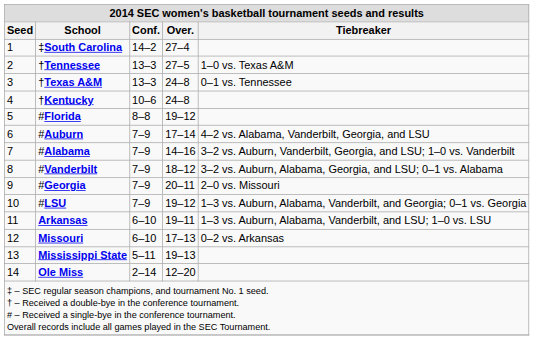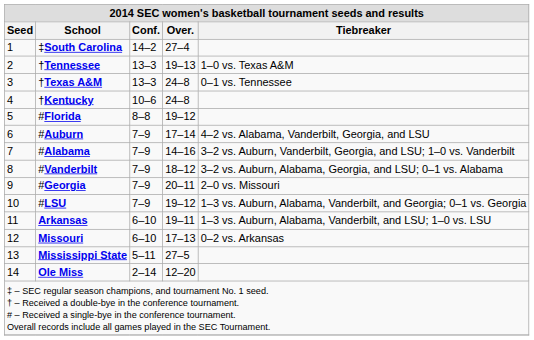 <table class="wikitable" style="white-space:nowrap; font-size:90%;">
 <tr>
 <td colspan="10" style="text-align:center; background:#DDDDDD; font:#000000"><strong>2014 SEC women's basketball tournament seeds and results</strong></td>
 </tr>
 <tr bgcolor="#efefef">
 <th>Seed</th>
 <th>School</th>
 <th>Conf.</th>
 <th>Over.</th>
 <th>Tiebreaker</th>
 </tr>
 <tr>
 <td>1</td>
 <td>‡<strong><a href='#'>South Carolina</a></strong></td>
 <td>14–2</td>
 <td>27–4</td>
 <td></td>
 </tr>
 <tr>
 <td>2</td>
 <td>†<strong><a href='#'>Tennessee</a></strong></td>
 <td>13–3</td>
-<td>27–5</td>
+<td>19–13</td>
 <td>1–0 vs. Texas A&M</td>
 </tr>
 <tr>
 <td>3</td>
 <td>†<strong><a href='#'>Texas A&M</a></strong></td>
 <td>13–3</td>
 <td>24–8</td>
 <td>0–1 vs. Tennessee</td>
 </tr>
 <tr>
 <td>4</td>
 <td>†<strong><a href='#'>Kentucky</a></strong></td>
 <td>10–6</td>
 <td>24–8</td>
 <td></td>
 </tr>
 <tr>
 <td>5</td>
 <td>#<strong><a href='#'>Florida</a></strong></td>
 <td>8–8</td>
 <td>19–12</td>
 <td></td>
 </tr>
 <tr>
 <td>6</td>
 <td>#<strong><a href='#'>Auburn</a></strong></td>
 <td>7–9</td>
 <td>17–14</td>
 <td>4–2 vs. Alabama, Vanderbilt, Georgia, and LSU</td>
 </tr>
 <tr>
 <td>7</td>
 <td>#<strong><a href='#'>Alabama</a></strong></td>
 <td>7–9</td>
 <td>14–16</td>
 <td>3–2 vs. Auburn, Vanderbilt, Georgia, and LSU; 1–0 vs. Vanderbilt</td>
 </tr>
 <tr>
 <td>8</td>
 <td>#<strong><a href='#'>Vanderbilt</a></strong></td>
 <td>7–9</td>
 <td>18–12</td>
 <td>3–2 vs. Auburn, Alabama, Georgia, and LSU; 0–1 vs. Alabama</td>
 </tr>
 <tr>
 <td>9</td>
 <td>#<strong><a href='#'>Georgia</a></strong></td>
 <td>7–9</td>
 <td>20–11</td>
 <td>2–0 vs. Missouri</td>
 </tr>
 <tr>
 <td>10</td>
 <td>#<strong><a href='#'>LSU</a></strong></td>
 <td>7–9</td>
 <td>19–12</td>
 <td>1–3 vs. Auburn, Alabama, Vanderbilt, and Georgia; 0–1 vs. Georgia</td>
 </tr>
 <tr>
 <td>11</td>
 <td><strong><a href='#'>Arkansas</a></strong></td>
 <td>6–10</td>
 <td>19–11</td>
 <td>1–3 vs. Auburn, Alabama, Vanderbilt, and LSU; 1–0 vs. LSU</td>
 </tr>
 <tr>
 <td>12</td>
 <td><strong><a href='#'>Missouri</a></strong></td>
 <td>6–10</td>
 <td>17–13</td>
 <td>0–2 vs. Arkansas</td>
 </tr>
 <tr>
 <td>13</td>
 <td><strong><a href='#'>Mississippi State</a></strong></td>
 <td>5–11</td>
-<td>19–13</td>
+<td>27–5</td>
 <td></td>
 </tr>
 <tr>
 <td>14</td>
 <td><strong><a href='#'>Ole Miss</a></strong></td>
 <td>2–14</td>
 <td>12–20</td>
 <td></td>
 </tr>
 <tr>
 <td colspan="10" style="text-align:left;"><small>‡ – SEC regular season champions, and tournament No. 1 seed.<br>† – Received a double-bye in the conference tournament.<br># – Received a single-bye in the conference tournament.<br>Overall records include all games played in the SEC Tournament.</small></td>
 </tr>
 <tr>
 </tr>
 </table>
